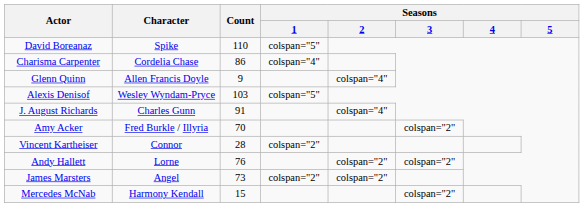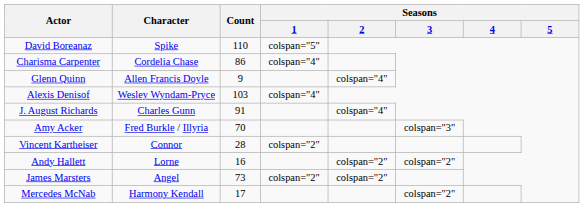 <table class="wikitable sortable" style="text-align:center;" width="70%">
 <tr>
 <th scope="col" rowspan="2" style="width:15%;">Actor</th>
 <th scope="col" rowspan="2" style="width:15%;">Character</th>
 <th scope="col" rowspan="2" style="width:5%;">Count</th>
 <th scope="col" colspan="7">Seasons</th>
 </tr>
 <tr>
 <th style="width:8%;"><a href='#'>1</a></th>
 <th style="width:8%;"><a href='#'>2</a></th>
 <th style="width:8%;"><a href='#'>3</a></th>
 <th style="width:8%;"><a href='#'>4</a></th>
 <th style="width:8%;"><a href='#'>5</a></th>
 </tr>
 <tr>
 <td><a href='#'>David Boreanaz</a></td>
 <td><a href='#'>Spike</a></td>
 <td>110</td>
 <td>colspan="5" </td>
 </tr>
 <tr>
 <td><a href='#'>Charisma Carpenter</a></td>
 <td><a href='#'>Cordelia Chase</a></td>
 <td>86</td>
 <td>colspan="4" </td>
 <td></td>
 </tr>
 <tr>
 <td><a href='#'>Glenn Quinn</a></td>
 <td><a href='#'>Allen Francis Doyle</a></td>
 <td>9</td>
 <td></td>
 <td>colspan="4" </td>
 </tr>
 <tr>
 <td><a href='#'>Alexis Denisof</a></td>
 <td><a href='#'>Wesley Wyndam-Pryce</a></td>
 <td>103</td>
-<td>colspan="5" </td>
+<td>colspan="4" </td>
 </tr>
 <tr>
 <td><a href='#'>J. August Richards</a></td>
 <td><a href='#'>Charles Gunn</a></td>
 <td>91</td>
 <td></td>
 <td>colspan="4" </td>
 </tr>
 <tr>
 <td><a href='#'>Amy Acker</a></td>
 <td><a href='#'>Fred Burkle</a> / <a href='#'>Illyria</a></td>
 <td>70</td>
 <td></td>
 <td></td>
-<td>colspan="2" </td>
+<td>colspan="3" </td>
 </tr>
 <tr>
 <td><a href='#'>Vincent Kartheiser</a></td>
 <td><a href='#'>Connor</a></td>
 <td>28</td>
 <td>colspan="2" </td>
 <td></td>
 <td></td>
 <td></td>
 </tr>
 <tr>
 <td><a href='#'>Andy Hallett</a></td>
 <td><a href='#'>Lorne</a></td>
-<td>76</td>
+<td>16</td>
 <td></td>
 <td>colspan="2" </td>
 <td>colspan="2" </td>
 </tr>
 <tr>
 <td><a href='#'>James Marsters</a></td>
 <td><a href='#'>Angel</a></td>
 <td>73</td>
 <td>colspan="2" </td>
 <td>colspan="2" </td>
 <td></td>
 </tr>
 <tr>
 <td><a href='#'>Mercedes McNab</a></td>
 <td><a href='#'>Harmony Kendall</a></td>
-<td>15</td>
+<td>17</td>
 <td></td>
 <td></td>
 <td>colspan="2" </td>
 <td></td>
 </tr>
 </table>
